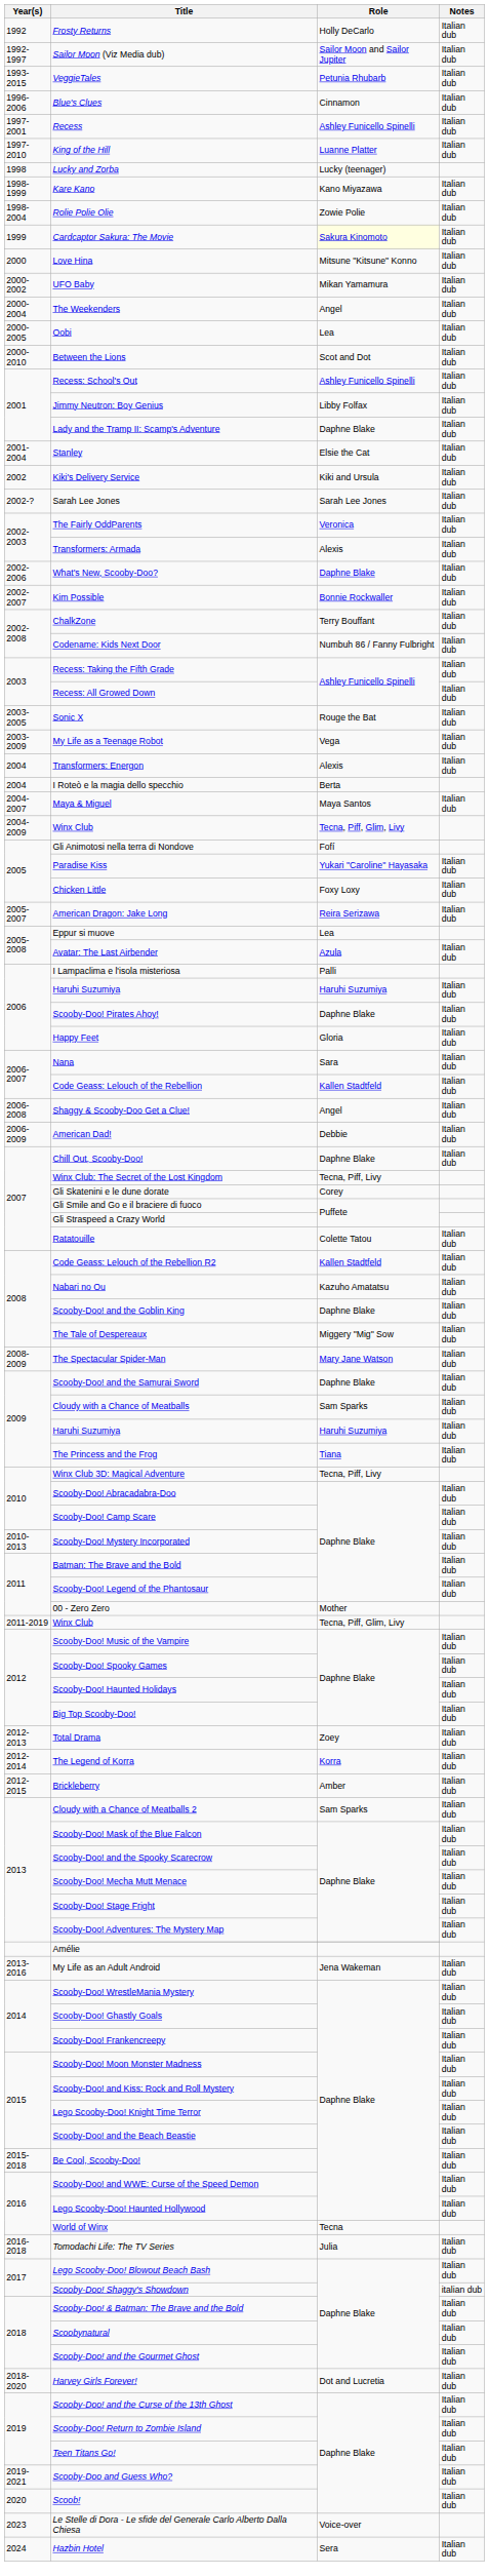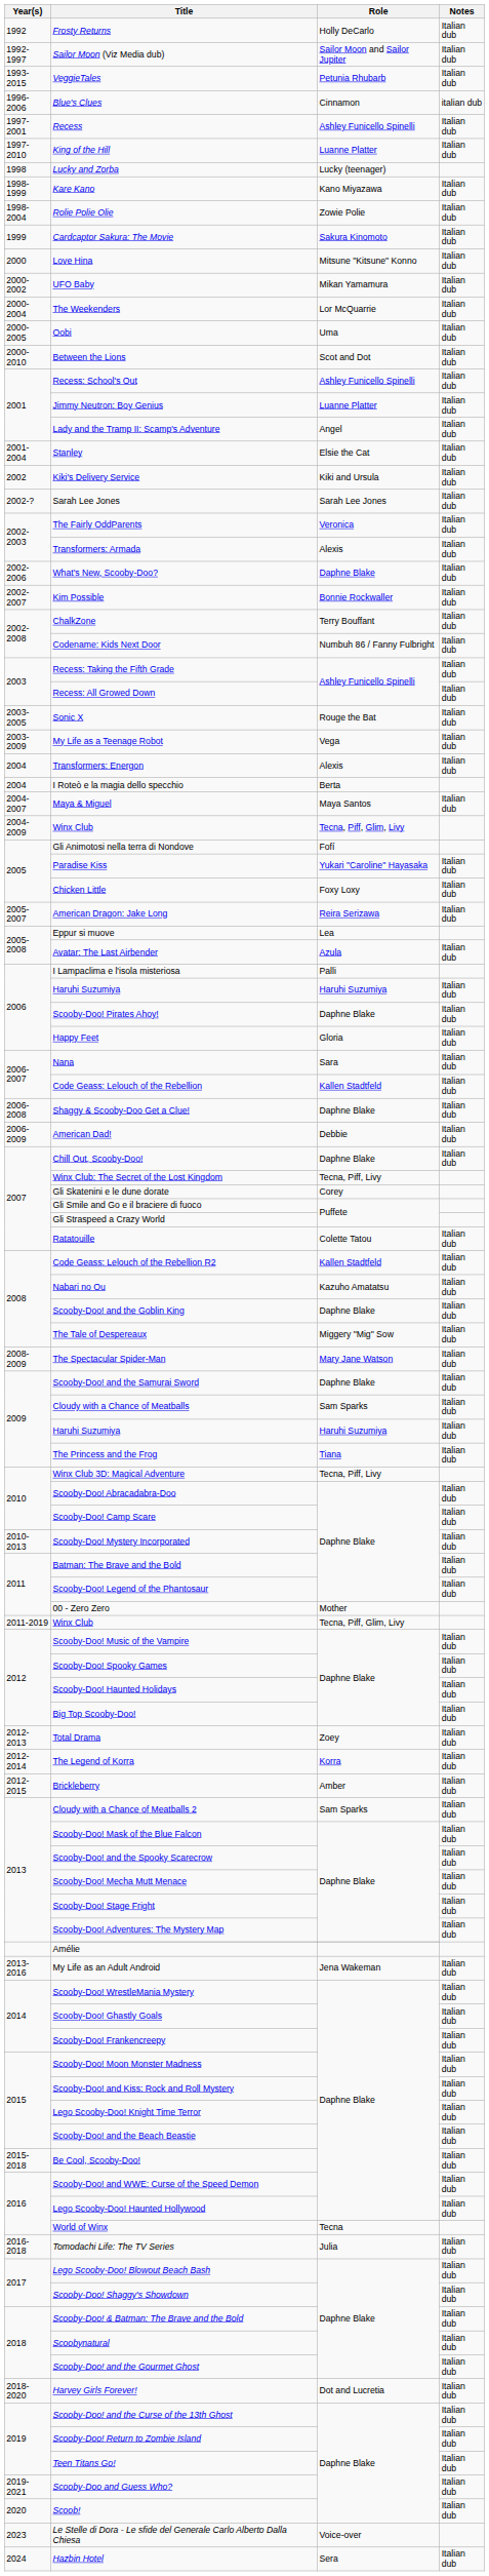 <table class="wikitable sortable">
 <tr>
 <th>Year(s)</th>
 <th>Title</th>
 <th>Role</th>
 <th class="unsortable">Notes</th>
 </tr>
 <tr>
 <td>1992</td>
 <td><em><a href='#'>Frosty Returns</a></em></td>
 <td>Holly DeCarlo</td>
 <td>Italian dub</td>
 </tr>
 <tr>
 <td>1992-1997</td>
 <td><em><a href='#'>Sailor Moon</a></em> (Viz Media dub)</td>
 <td><a href='#'>Sailor Moon</a> and <a href='#'>Sailor Jupiter</a></td>
 <td>Italian dub</td>
 </tr>
 <tr>
 <td>1993-2015</td>
 <td><em><a href='#'>VeggieTales</a></em></td>
 <td><a href='#'>Petunia Rhubarb</a></td>
 <td>Italian dub</td>
 </tr>
 <tr>
 <td>1996-2006</td>
 <td><em><a href='#'>Blue's Clues</a></em></td>
 <td>Cinnamon</td>
-<td>Italian dub</td>
+<td>italian dub</td>
 </tr>
 <tr>
 <td>1997-2001</td>
 <td><em><a href='#'>Recess</a></em></td>
 <td><a href='#'>Ashley Funicello Spinelli</a></td>
 <td>Italian dub</td>
 </tr>
 <tr>
 <td>1997-2010</td>
 <td><em><a href='#'>King of the Hill</a></em></td>
 <td><a href='#'>Luanne Platter</a></td>
 <td>Italian dub</td>
 </tr>
 <tr>
 <td>1998</td>
 <td><em><a href='#'>Lucky and Zorba</a></em></td>
 <td>Lucky (teenager)</td>
 <td></td>
 </tr>
 <tr>
 <td>1998-1999</td>
 <td><em><a href='#'>Kare Kano</a></em></td>
 <td>Kano Miyazawa</td>
 <td>Italian dub</td>
 </tr>
 <tr>
 <td>1998-2004</td>
 <td><em><a href='#'>Rolie Polie Olie</a></em></td>
 <td>Zowie Polie</td>
 <td>Italian dub</td>
 </tr>
 <tr>
 <td>1999</td>
 <td><em><a href='#'>Cardcaptor Sakura: The Movie</a><strong></td>
-<td style="background: lightyellow;"><a href='#'>Sakura Kinomoto</a></td>
+<td><a href='#'>Sakura Kinomoto</a></td>
 <td>Italian dub</td>
 </tr>
 <tr>
 <td>2000</td>
 <td></em><a href='#'>Love Hina</a><em></td>
 <td>Mitsune "Kitsune" Konno</td>
 <td>Italian dub</td>
 </tr>
 <tr>
 <td>2000-2002</td>
 <td></em><a href='#'>UFO Baby</a><em></td>
 <td>Mikan Yamamura</td>
 <td>Italian dub</td>
 </tr>
 <tr>
 <td>2000-2004</td>
 <td></em><a href='#'>The Weekenders</a><em></td>
-<td>Angel</td>
+<td>Lor McQuarrie</td>
 <td>Italian dub</td>
 </tr>
 <tr>
 <td>2000-2005</td>
 <td></em><a href='#'>Oobi</a><em></td>
-<td>Lea</td>
+<td>Uma</td>
 <td>Italian dub</td>
 </tr>
 <tr>
 <td>2000-2010</td>
 <td></em><a href='#'>Between the Lions</a><em></td>
 <td>Scot and Dot</td>
 <td>Italian dub</td>
 </tr>
 <tr>
 <td rowspan="3">2001</td>
 <td></em><a href='#'>Recess: School's Out</a><em></td>
 <td><a href='#'>Ashley Funicello Spinelli</a></td>
 <td>Italian dub</td>
 </tr>
 <tr>
 <td></em><a href='#'>Jimmy Neutron: Boy Genius</a><em></td>
-<td>Libby Folfax</td>
+<td><a href='#'>Luanne Platter</a></td>
 <td>Italian dub</td>
 </tr>
 <tr>
 <td></em><a href='#'>Lady and the Tramp II: Scamp's Adventure</a><em></td>
-<td>Daphne Blake</td>
+<td>Angel</td>
 <td>Italian dub</td>
 </tr>
 <tr>
 <td>2001-2004</td>
 <td></em><a href='#'>Stanley</a><em></td>
 <td>Elsie the Cat</td>
 <td>Italian dub</td>
 </tr>
 <tr>
 <td>2002</td>
 <td></em><a href='#'>Kiki's Delivery Service</a><em></td>
 <td>Kiki and Ursula</td>
 <td>Italian dub</td>
 </tr>
 <tr>
 <td>2002-?</td>
 <td></em>Sarah Lee Jones<em></td>
 <td>Sarah Lee Jones</td>
 <td>Italian dub</td>
 </tr>
 <tr>
 <td rowspan="2">2002-2003</td>
 <td></em><a href='#'>The Fairly OddParents</a><em></td>
 <td><a href='#'>Veronica</a></td>
 <td>Italian dub</td>
 </tr>
 <tr>
 <td></em><a href='#'>Transformers: Armada</a><em></td>
 <td>Alexis</td>
 <td>Italian dub</td>
 </tr>
 <tr>
 <td>2002-2006</td>
 <td></em><a href='#'>What's New, Scooby-Doo?</a><em></td>
 <td><a href='#'>Daphne Blake</a></td>
 <td>Italian dub</td>
 </tr>
 <tr>
 <td>2002-2007</td>
 <td></em><a href='#'>Kim Possible</a><em></td>
 <td><a href='#'>Bonnie Rockwaller</a></td>
 <td>Italian dub</td>
 </tr>
 <tr>
 <td rowspan="2">2002-2008</td>
 <td></em><a href='#'>ChalkZone</a><em></td>
 <td>Terry Bouffant</td>
 <td>Italian dub</td>
 </tr>
 <tr>
 <td></em><a href='#'>Codename: Kids Next Door</a><em></td>
 <td>Numbuh 86 / Fanny Fulbright</td>
 <td>Italian dub</td>
 </tr>
 <tr>
 <td rowspan="2">2003</td>
 <td></em><a href='#'>Recess: Taking the Fifth Grade</a><em></td>
 <td rowspan="2"><a href='#'>Ashley Funicello Spinelli</a></td>
 <td>Italian dub</td>
 </tr>
 <tr>
 <td></em><a href='#'>Recess: All Growed Down</a><em></td>
 <td>Italian dub</td>
 </tr>
 <tr>
 <td>2003-2005</td>
 <td></em><a href='#'>Sonic X</a><em></td>
 <td>Rouge the Bat</td>
 <td>Italian dub</td>
 </tr>
 <tr>
 <td>2003-2009</td>
 <td></em><a href='#'>My Life as a Teenage Robot</a><em></td>
 <td>Vega</td>
 <td>Italian dub</td>
 </tr>
 <tr>
 <td>2004</td>
 <td></em><a href='#'>Transformers: Energon</a><em></td>
 <td>Alexis</td>
 <td>Italian dub</td>
 </tr>
 <tr>
 <td>2004</td>
 <td></em>I Roteò e la magia dello specchio<em></td>
 <td>Berta</td>
 <td></td>
 </tr>
 <tr>
 <td>2004-2007</td>
 <td></em><a href='#'>Maya & Miguel</a><em></td>
 <td>Maya Santos</td>
 <td>Italian dub</td>
 </tr>
 <tr>
 <td>2004-2009</td>
 <td></em><a href='#'>Winx Club</a><em></td>
 <td><a href='#'>Tecna</a>, <a href='#'>Piff</a>, <a href='#'>Glim</a>, <a href='#'>Livy</a></td>
 <td></td>
 </tr>
 <tr>
 <td rowspan="3">2005</td>
 <td></em>Gli Animotosi nella terra di Nondove<em></td>
 <td>Fofí</td>
 <td></td>
 </tr>
 <tr>
 <td></em><a href='#'>Paradise Kiss</a><em></td>
 <td><a href='#'>Yukari "Caroline" Hayasaka</a></td>
 <td>Italian dub</td>
 </tr>
 <tr>
 <td></em><a href='#'>Chicken Little</a><em></td>
 <td>Foxy Loxy</td>
 <td>Italian dub</td>
 </tr>
 <tr>
 <td>2005-2007</td>
 <td></em><a href='#'>American Dragon: Jake Long</a><em></td>
 <td><a href='#'>Reira Serizawa</a></td>
 <td>Italian dub</td>
 </tr>
 <tr>
 <td rowspan="2">2005-2008</td>
 <td></em>Eppur si muove<em></td>
 <td>Lea</td>
 <td></td>
 </tr>
 <tr>
 <td></em><a href='#'>Avatar: The Last Airbender</a><em></td>
 <td><a href='#'>Azula</a></td>
 <td>Italian dub</td>
 </tr>
 <tr>
 <td rowspan="4">2006</td>
 <td></em>I Lampaclima e l'isola misteriosa<em></td>
 <td>Palli</td>
 <td></td>
 </tr>
 <tr>
 <td></em><a href='#'>Haruhi Suzumiya</a><em></td>
 <td><a href='#'>Haruhi Suzumiya</a></td>
 <td>Italian dub</td>
 </tr>
 <tr>
 <td></em><a href='#'>Scooby-Doo! Pirates Ahoy!</a><em></td>
 <td>Daphne Blake</td>
 <td>Italian dub</td>
 </tr>
 <tr>
 <td></em><a href='#'>Happy Feet</a><em></td>
 <td>Gloria</td>
 <td>Italian dub</td>
 </tr>
 <tr>
 <td rowspan="2">2006-2007</td>
 <td></em><a href='#'>Nana</a><em></td>
 <td>Sara</td>
 <td>Italian dub</td>
 </tr>
 <tr>
 <td></em><a href='#'>Code Geass: Lelouch of the Rebellion</a><em></td>
 <td><a href='#'>Kallen Stadtfeld</a></td>
 <td>Italian dub</td>
 </tr>
 <tr>
 <td>2006-2008</td>
 <td></em><a href='#'>Shaggy & Scooby-Doo Get a Clue!</a><em></td>
-<td>Angel</td>
+<td>Daphne Blake</td>
 <td>Italian dub</td>
 </tr>
 <tr>
 <td>2006-2009</td>
 <td></em><a href='#'>American Dad!</a><em></td>
 <td>Debbie</td>
 <td>Italian dub</td>
 </tr>
 <tr>
 <td rowspan="6">2007</td>
 <td></em><a href='#'>Chill Out, Scooby-Doo!</a><em></td>
 <td>Daphne Blake</td>
 <td>Italian dub</td>
 </tr>
 <tr>
 <td></em><a href='#'>Winx Club: The Secret of the Lost Kingdom</a><em></td>
 <td>Tecna, Piff, Livy</td>
 <td></td>
 </tr>
 <tr>
 <td></em>Gli Skatenini e le dune dorate<em></td>
 <td>Corey</td>
 <td></td>
 </tr>
 <tr>
 <td></em>Gli Smile and Go e il braciere di fuoco<em></td>
 <td rowspan="2">Puffete</td>
 <td></td>
 </tr>
 <tr>
 <td></em>Gli Straspeed a Crazy World<em></td>
 <td></td>
 </tr>
 <tr>
 <td></em><a href='#'>Ratatouille</a><em></td>
 <td>Colette Tatou</td>
 <td>Italian dub</td>
 </tr>
 <tr>
 <td rowspan="4">2008</td>
 <td></em><a href='#'>Code Geass: Lelouch of the Rebellion R2</a><em></td>
 <td><a href='#'>Kallen Stadtfeld</a></td>
 <td>Italian dub</td>
 </tr>
 <tr>
 <td></em><a href='#'>Nabari no Ou</a><em></td>
 <td>Kazuho Amatatsu</td>
 <td>Italian dub</td>
 </tr>
 <tr>
 <td></em><a href='#'>Scooby-Doo! and the Goblin King</a><em></td>
 <td>Daphne Blake</td>
 <td>Italian dub</td>
 </tr>
 <tr>
 <td></em><a href='#'>The Tale of Despereaux</a><em></td>
 <td>Miggery "Mig" Sow</td>
 <td>Italian dub</td>
 </tr>
 <tr>
 <td>2008-2009</td>
 <td></em><a href='#'>The Spectacular Spider-Man</a><em></td>
 <td><a href='#'>Mary Jane Watson</a></td>
 <td>Italian dub</td>
 </tr>
 <tr>
 <td rowspan="4">2009</td>
 <td></em><a href='#'>Scooby-Doo! and the Samurai Sword</a><em></td>
 <td>Daphne Blake</td>
 <td>Italian dub</td>
 </tr>
 <tr>
 <td></em><a href='#'>Cloudy with a Chance of Meatballs</a><em></td>
 <td>Sam Sparks</td>
 <td>Italian dub</td>
 </tr>
 <tr>
 <td></em><a href='#'>Haruhi Suzumiya</a><em></td>
 <td><a href='#'>Haruhi Suzumiya</a></td>
 <td>Italian dub</td>
 </tr>
 <tr>
 <td></em><a href='#'>The Princess and the Frog</a><em></td>
 <td><a href='#'>Tiana</a></td>
 <td>Italian dub</td>
 </tr>
 <tr>
 <td rowspan="3">2010</td>
 <td></em><a href='#'>Winx Club 3D: Magical Adventure</a><em></td>
 <td>Tecna, Piff, Livy</td>
 <td></td>
 </tr>
 <tr>
 <td></em><a href='#'>Scooby-Doo! Abracadabra-Doo</a><em></td>
 <td rowspan="5">Daphne Blake</td>
 <td>Italian dub</td>
 </tr>
 <tr>
 <td></em><a href='#'>Scooby-Doo! Camp Scare</a><em></td>
 <td>Italian dub</td>
 </tr>
 <tr>
 <td>2010-2013</td>
 <td></em><a href='#'>Scooby-Doo! Mystery Incorporated</a><em></td>
 <td>Italian dub</td>
 </tr>
 <tr>
 <td rowspan="3">2011</td>
 <td></em><a href='#'>Batman: The Brave and the Bold</a><em></td>
 <td>Italian dub</td>
 </tr>
 <tr>
 <td></em><a href='#'>Scooby-Doo! Legend of the Phantosaur</a><em></td>
 <td>Italian dub</td>
 </tr>
 <tr>
 <td></em>00 - Zero Zero<em></td>
 <td>Mother</td>
 <td></td>
 </tr>
 <tr>
 <td>2011-2019</td>
 <td></em><a href='#'>Winx Club</a><em></td>
 <td>Tecna, Piff, Glim, Livy</td>
 <td></td>
 </tr>
 <tr>
 <td rowspan="4">2012</td>
 <td></em><a href='#'>Scooby-Doo! Music of the Vampire</a><em></td>
 <td rowspan="4">Daphne Blake</td>
 <td>Italian dub</td>
 </tr>
 <tr>
 <td></em><a href='#'>Scooby-Doo! Spooky Games</a><em></td>
 <td>Italian dub</td>
 </tr>
 <tr>
 <td></em><a href='#'>Scooby-Doo! Haunted Holidays</a><em></td>
 <td>Italian dub</td>
 </tr>
 <tr>
 <td></em><a href='#'>Big Top Scooby-Doo!</a><em></td>
 <td>Italian dub</td>
 </tr>
 <tr>
 <td>2012-2013</td>
 <td></em><a href='#'>Total Drama</a><em></td>
 <td>Zoey</td>
 <td>Italian dub</td>
 </tr>
 <tr>
 <td>2012-2014</td>
 <td></em><a href='#'>The Legend of Korra</a><em></td>
 <td><a href='#'>Korra</a></td>
 <td>Italian dub</td>
 </tr>
 <tr>
 <td>2012-2015</td>
 <td></em><a href='#'>Brickleberry</a><em></td>
 <td>Amber</td>
 <td>Italian dub</td>
 </tr>
 <tr>
 <td rowspan="7">2013</td>
 <td></em><a href='#'>Cloudy with a Chance of Meatballs 2</a><em></td>
 <td>Sam Sparks</td>
 <td>Italian dub</td>
 </tr>
 <tr>
 <td></em><a href='#'>Scooby-Doo! Mask of the Blue Falcon</a><em></td>
 <td rowspan="5">Daphne Blake</td>
 <td>Italian dub</td>
 </tr>
 <tr>
 <td></em><a href='#'>Scooby-Doo! and the Spooky Scarecrow</a><em></td>
 <td>Italian dub</td>
 </tr>
 <tr>
 <td></em><a href='#'>Scooby-Doo! Mecha Mutt Menace</a><em></td>
 <td>Italian dub</td>
 </tr>
 <tr>
 <td></em><a href='#'>Scooby-Doo! Stage Fright</a><em></td>
 <td>Italian dub</td>
 </tr>
 <tr>
 <td></em><a href='#'>Scooby-Doo! Adventures: The Mystery Map</a><em></td>
 <td>Italian dub</td>
 </tr>
 <tr>
 </tr>
 <tr>
 <td></em><em></td>
 <td>Amélie</td>
 <td></td>
 </tr>
 <tr>
 <td>2013-2016</td>
 <td></em>My Life as an Adult Android<em></td>
 <td>Jena Wakeman</td>
 <td>Italian dub</td>
 </tr>
 <tr>
 <td rowspan="3">2014</td>
 <td></em><a href='#'>Scooby-Doo! WrestleMania Mystery</a><em></td>
 <td rowspan="10">Daphne Blake</td>
 <td>Italian dub</td>
 </tr>
 <tr>
 <td></em><a href='#'>Scooby-Doo! Ghastly Goals</a><em></td>
 <td>Italian dub</td>
 </tr>
 <tr>
 <td></em><a href='#'>Scooby-Doo! Frankencreepy</a><em></td>
 <td>Italian dub</td>
 </tr>
 <tr>
 <td rowspan="4">2015</td>
 <td></em><a href='#'>Scooby-Doo! Moon Monster Madness</a><em></td>
 <td>Italian dub</td>
 </tr>
 <tr>
 <td></em><a href='#'>Scooby-Doo! and Kiss: Rock and Roll Mystery</a><em></td>
 <td>Italian dub</td>
 </tr>
 <tr>
 <td></em><a href='#'>Lego Scooby-Doo! Knight Time Terror</a><em></td>
 <td>Italian dub</td>
 </tr>
 <tr>
 <td></em><a href='#'>Scooby-Doo! and the Beach Beastie</a><em></td>
 <td>Italian dub</td>
 </tr>
 <tr>
 <td>2015-2018</td>
 <td></em><a href='#'>Be Cool, Scooby-Doo!</a><em></td>
 <td>Italian dub</td>
 </tr>
 <tr>
 <td rowspan="3">2016</td>
 <td></em><a href='#'>Scooby-Doo! and WWE: Curse of the Speed Demon</a><em></td>
 <td>Italian dub</td>
 </tr>
 <tr>
 <td></em><a href='#'>Lego Scooby-Doo! Haunted Hollywood</a><em></td>
 <td>Italian dub</td>
 </tr>
 <tr>
 <td></em><a href='#'>World of Winx</a></td>
 <td>Tecna</td>
 <td></td>
 </tr>
 <tr>
 <td>2016-2018</td>
 <td><em>Tomodachi Life: The TV Series</em></td>
 <td>Julia</td>
 <td>Italian dub</td>
 </tr>
 <tr>
 <td rowspan="2">2017</td>
 <td><em><a href='#'>Lego Scooby-Doo! Blowout Beach Bash</a></em></td>
 <td rowspan="5">Daphne Blake</td>
 <td>Italian dub</td>
 </tr>
 <tr>
 <td><em><a href='#'>Scooby-Doo! Shaggy's Showdown</a></em></td>
-<td>italian dub</td>
+<td>Italian dub</td>
 </tr>
 <tr>
 <td rowspan="3">2018</td>
 <td><em><a href='#'>Scooby-Doo! & Batman: The Brave and the Bold</a></em></td>
 <td>Italian dub</td>
 </tr>
 <tr>
 <td><em><a href='#'>Scoobynatural</a></em></td>
 <td>Italian dub</td>
 </tr>
 <tr>
 <td><em><a href='#'>Scooby-Doo! and the Gourmet Ghost</a></em></td>
 <td>Italian dub</td>
 </tr>
 <tr>
 <td>2018-2020</td>
 <td><em><a href='#'>Harvey Girls Forever!</a></em></td>
 <td>Dot and Lucretia</td>
 <td>Italian dub</td>
 </tr>
 <tr>
 <td rowspan="3">2019</td>
 <td><em><a href='#'>Scooby-Doo! and the Curse of the 13th Ghost</a></em></td>
 <td rowspan="5">Daphne Blake</td>
 <td>Italian dub</td>
 </tr>
 <tr>
 <td><em><a href='#'>Scooby-Doo! Return to Zombie Island</a></em></td>
 <td>Italian dub</td>
 </tr>
 <tr>
 <td><em><a href='#'>Teen Titans Go!</a></em></td>
 <td>Italian dub</td>
 </tr>
 <tr>
 <td>2019-2021</td>
 <td><em><a href='#'>Scooby-Doo and Guess Who?</a></em></td>
 <td>Italian dub</td>
 </tr>
 <tr>
 <td>2020</td>
 <td><em><a href='#'>Scoob!</a></em></td>
 <td>Italian dub</td>
 </tr>
 <tr>
 <td>2023</td>
 <td><em>Le Stelle di Dora - Le sfide del Generale Carlo Alberto Dalla Chiesa</em></td>
 <td>Voice-over</td>
 <td></td>
 </tr>
 <tr>
 <td>2024</td>
 <td><em><a href='#'>Hazbin Hotel</a></em></td>
 <td>Sera</td>
 <td>Italian dub</td>
 </tr>
 </table>
